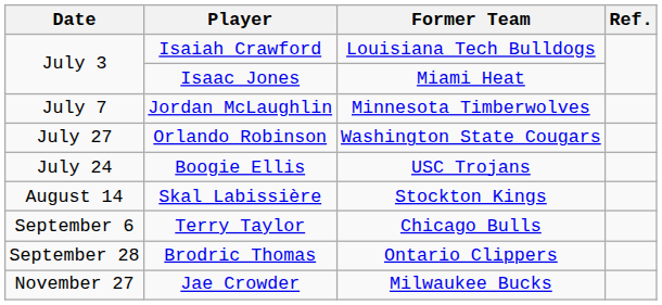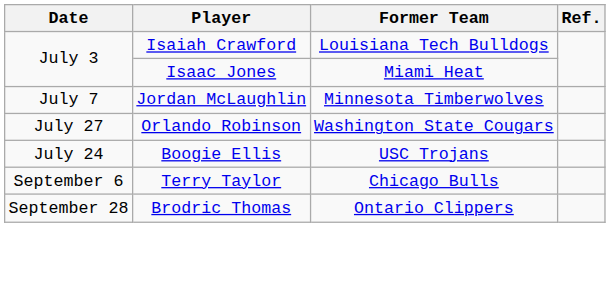 <table class="wikitable sortable sortable" style="text-align: center">
 <tr>
 <th>Date</th>
 <th>Player</th>
 <th>Former Team</th>
 <th>Ref.</th>
 </tr>
 <tr>
 <td rowspan=2>July 3</td>
 <td><a href='#'>Isaiah Crawford</a></td>
 <td><a href='#'>Louisiana Tech Bulldogs</a></td>
 <td rowspan=2></td>
 </tr>
 <tr>
 <td><a href='#'>Isaac Jones</a></td>
 <td><a href='#'>Miami Heat</a></td>
 </tr>
 <tr>
 <td>July 7</td>
 <td><a href='#'>Jordan McLaughlin</a></td>
 <td><a href='#'>Minnesota Timberwolves</a></td>
 <td></td>
 </tr>
 <tr>
 <td>July 27</td>
 <td><a href='#'>Orlando Robinson</a></td>
 <td><a href='#'>Washington State Cougars</a></td>
 <td></td>
 </tr>
 <tr>
 <td>July 24</td>
 <td><a href='#'>Boogie Ellis</a></td>
 <td><a href='#'>USC Trojans</a></td>
 <td></td>
 </tr>
 <tr>
-<td>August 14</td>
-<td><a href='#'>Skal Labissière</a></td>
-<td><a href='#'>Stockton Kings</a></td>
-<td></td>
-</tr>
-<tr>
 <td>September 6</td>
 <td><a href='#'>Terry Taylor</a></td>
 <td><a href='#'>Chicago Bulls</a></td>
 <td></td>
 </tr>
 <tr>
 <td>September 28</td>
 <td><a href='#'>Brodric Thomas</a></td>
 <td><a href='#'>Ontario Clippers</a></td>
 <td></td>
 </tr>
-<tr>
-<td>November 27</td>
-<td><a href='#'>Jae Crowder</a></td>
-<td><a href='#'>Milwaukee Bucks</a></td>
-<td></td>
-</tr>
 </table>
